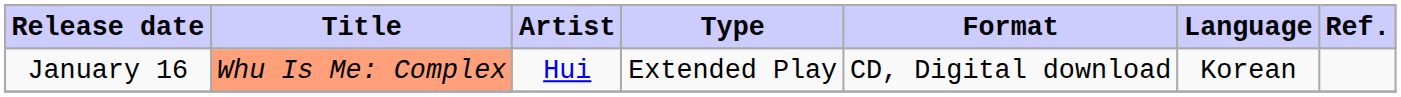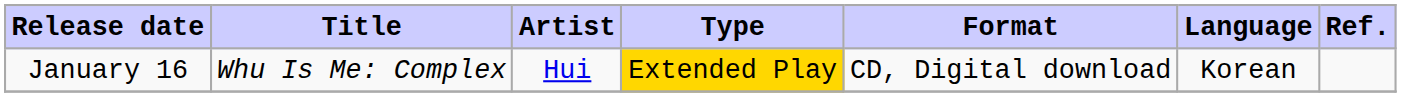 <table class="wikitable sortable" style="text-align:center">
 <tr>
 <th style="background:#CCF; width=20%;">Release date</th>
 <th style="background:#CCF; width=25%;">Title</th>
 <th style="background:#CCF; width=25%;">Artist</th>
 <th style="background:#CCF; width=25%;">Type</th>
 <th style="background:#CCF; width=25%;">Format</th>
 <th style="background:#CCF; width=25%;">Language</th>
 <th style="background:#CCF; width=25%;">Ref.</th>
 </tr>
 <tr>
 <td>January 16</td>
-<td style="background: lightsalmon;"><em>Whu Is Me: Complex</em></td>
+<td><em>Whu Is Me: Complex</em></td>
 <td><a href='#'>Hui</a></td>
-<td>Extended Play</td>
+<td style="background: gold;">Extended Play</td>
 <td>CD, Digital download</td>
 <td>Korean</td>
 <td></td>
 </tr>
 <tr>
 </tr>
 </table>
